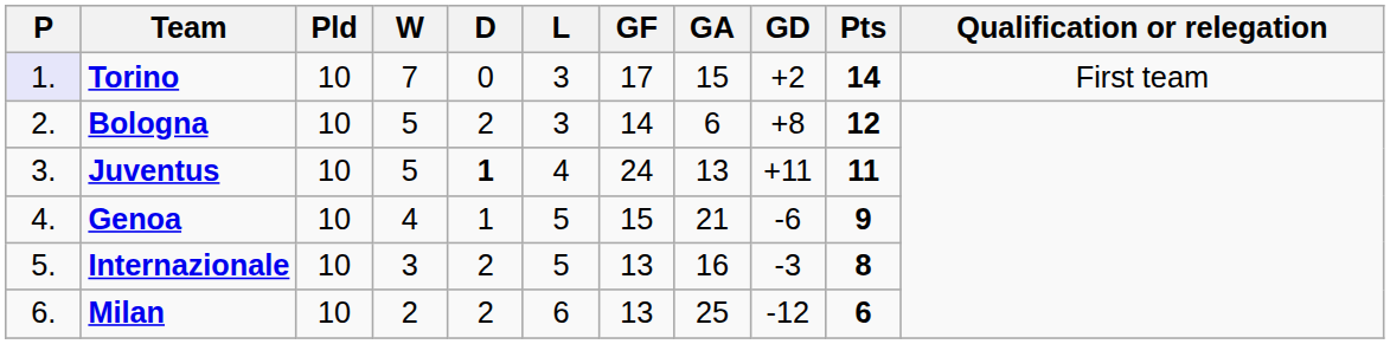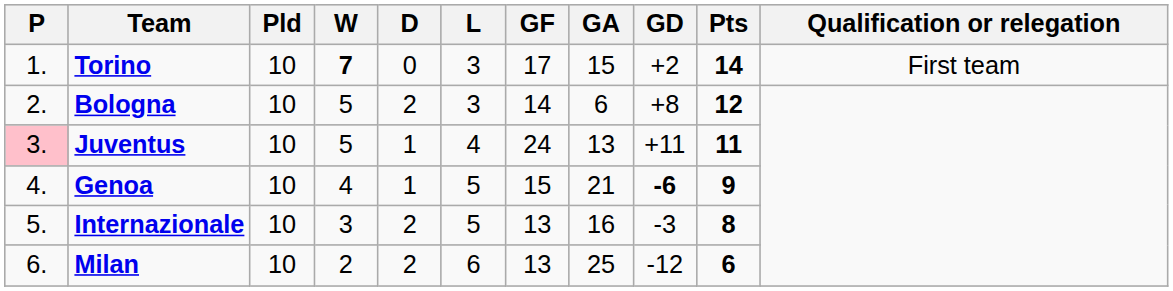 <table class="wikitable sortable" style="text-align: center;">
 <tr>
 <th width=33>P<br></th>
 <th>Team<br></th>
 <th width=33>Pld<br></th>
 <th width=33>W<br></th>
 <th width=33>D<br></th>
 <th width=33>L<br></th>
 <th width=33>GF<br></th>
 <th width=33>GA<br></th>
 <th width=33>GD<br></th>
 <th width=33>Pts<br></th>
 <th class="unsortable" width=250>Qualification or relegation<br></th>
 </tr>
 <tr>
-<td style="background: lavender;">1.</td>
+<td>1.</td>
 <td align="left"><strong><a href='#'>Torino</a></strong></td>
 <td>10</td>
-<td>7</td>
+<td><strong>7</strong></td>
 <td>0</td>
 <td>3</td>
 <td>17</td>
 <td>15</td>
 <td>+2</td>
 <td><strong>14</strong></td>
 <td>First team</td>
 </tr>
 <tr>
 <td>2.</td>
 <td align="left"><strong><a href='#'>Bologna</a></strong></td>
 <td>10</td>
 <td>5</td>
 <td>2</td>
 <td>3</td>
 <td>14</td>
 <td>6</td>
 <td>+8</td>
 <td><strong>12</strong></td>
 <td rowspan="7"></td>
 </tr>
 <tr>
-<td>3.</td>
+<td style="background: pink;">3.</td>
 <td align="left"><strong><a href='#'>Juventus</a></strong></td>
 <td>10</td>
 <td>5</td>
-<td><strong>1</strong></td>
+<td>1</td>
 <td>4</td>
 <td>24</td>
 <td>13</td>
 <td>+11</td>
 <td><strong>11</strong></td>
 </tr>
 <tr>
 <td>4.</td>
 <td align="left"><strong><a href='#'>Genoa</a></strong></td>
 <td>10</td>
 <td>4</td>
 <td>1</td>
 <td>5</td>
 <td>15</td>
 <td>21</td>
-<td>-6</td>
+<td><strong>-6</strong></td>
 <td><strong>9</strong></td>
 </tr>
 <tr>
 <td>5.</td>
 <td align="left"><strong><a href='#'>Internazionale</a></strong></td>
 <td>10</td>
 <td>3</td>
 <td>2</td>
 <td>5</td>
 <td>13</td>
 <td>16</td>
 <td>-3</td>
 <td><strong>8</strong></td>
 </tr>
 <tr>
 <td>6.</td>
 <td align="left"><strong><a href='#'>Milan</a></strong></td>
 <td>10</td>
 <td>2</td>
 <td>2</td>
 <td>6</td>
 <td>13</td>
 <td>25</td>
 <td>-12</td>
 <td><strong>6</strong></td>
 </tr>
 </table>
